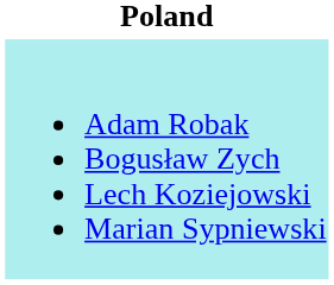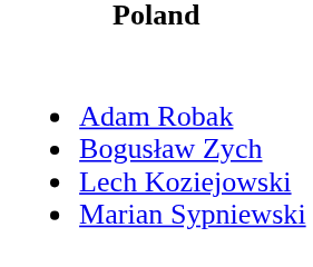 <table>
 <tr>
 <th>Poland</th>
 </tr>
 <tr>
-<td style="background: paleturquoise;"><br><ul><li><a href='#'>Adam Robak</a></li><li><a href='#'>Bogusław Zych</a></li><li><a href='#'>Lech Koziejowski</a></li><li><a href='#'>Marian Sypniewski</a></li></ul></td>
+<td><br><ul><li><a href='#'>Adam Robak</a></li><li><a href='#'>Bogusław Zych</a></li><li><a href='#'>Lech Koziejowski</a></li><li><a href='#'>Marian Sypniewski</a></li></ul></td>
 </tr>
 </table>
